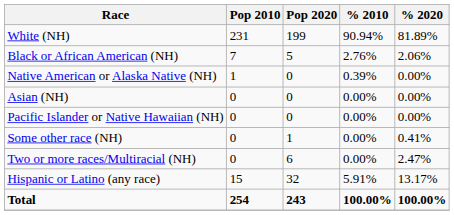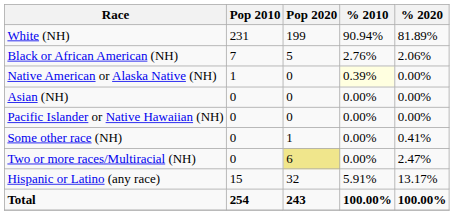 <table class="wikitable">
 <tr>
 <th>Race</th>
 <th>Pop 2010</th>
 <th>Pop 2020</th>
 <th>% 2010</th>
 <th>% 2020</th>
 </tr>
 <tr>
 <td><a href='#'>White</a> (NH)</td>
 <td>231</td>
 <td>199</td>
 <td>90.94%</td>
 <td>81.89%</td>
 </tr>
 <tr>
 <td><a href='#'>Black or African American</a> (NH)</td>
 <td>7</td>
 <td>5</td>
 <td>2.76%</td>
 <td>2.06%</td>
 </tr>
 <tr>
 <td><a href='#'>Native American</a> or <a href='#'>Alaska Native</a> (NH)</td>
 <td>1</td>
 <td>0</td>
-<td>0.39%</td>
+<td style="background: lightyellow;">0.39%</td>
 <td>0.00%</td>
 </tr>
 <tr>
 <td><a href='#'>Asian</a> (NH)</td>
 <td>0</td>
 <td>0</td>
 <td>0.00%</td>
 <td>0.00%</td>
 </tr>
 <tr>
 <td><a href='#'>Pacific Islander</a> or <a href='#'>Native Hawaiian</a> (NH)</td>
 <td>0</td>
 <td>0</td>
 <td>0.00%</td>
 <td>0.00%</td>
 </tr>
 <tr>
 <td><a href='#'>Some other race</a> (NH)</td>
 <td>0</td>
 <td>1</td>
 <td>0.00%</td>
 <td>0.41%</td>
 </tr>
 <tr>
 <td><a href='#'>Two or more races/Multiracial</a> (NH)</td>
 <td>0</td>
-<td>6</td>
+<td style="background: khaki;">6</td>
 <td>0.00%</td>
 <td>2.47%</td>
 </tr>
 <tr>
 <td><a href='#'>Hispanic or Latino</a> (any race)</td>
 <td>15</td>
 <td>32</td>
 <td>5.91%</td>
 <td>13.17%</td>
 </tr>
 <tr>
 <td><strong>Total</strong></td>
 <td><strong>254</strong></td>
 <td><strong>243</strong></td>
 <td><strong>100.00%</strong></td>
 <td><strong>100.00%</strong></td>
 </tr>
 <tr>
 </tr>
 </table>
